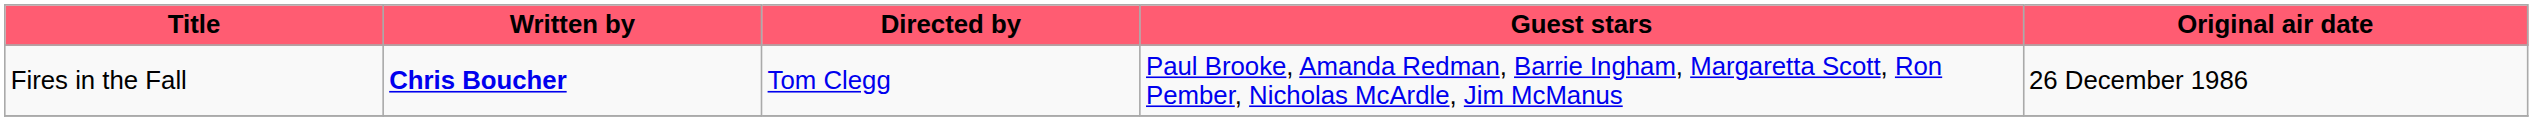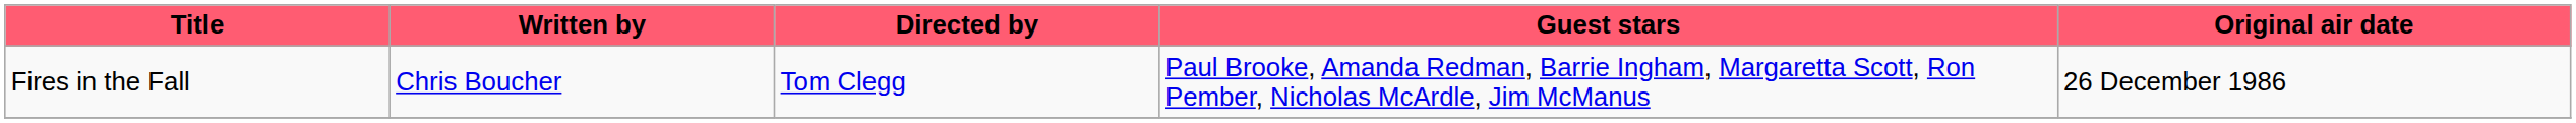 <table class="wikitable">
 <tr>
 <th style="width:15%; background:#FF5C72;">Title</th>
 <th style="width:15%; background:#FF5C72;">Written by</th>
 <th style="width:15%; background:#FF5C72;">Directed by</th>
 <th style="width:35%; background:#FF5C72;">Guest stars</th>
 <th style="width:35%; background:#FF5C72;">Original air date</th>
 </tr>
 <tr id="Fires in the Fall">
 <td>Fires in the Fall</td>
-<td><strong><a href='#'>Chris Boucher</a></strong></td>
+<td><a href='#'>Chris Boucher</a></td>
 <td><a href='#'>Tom Clegg</a></td>
 <td><a href='#'>Paul Brooke</a>, <a href='#'>Amanda Redman</a>, <a href='#'>Barrie Ingham</a>, <a href='#'>Margaretta Scott</a>, <a href='#'>Ron Pember</a>, <a href='#'>Nicholas McArdle</a>, <a href='#'>Jim McManus</a></td>
 <td>26 December 1986</td>
 </tr>
 <tr>
 </tr>
 </table>
